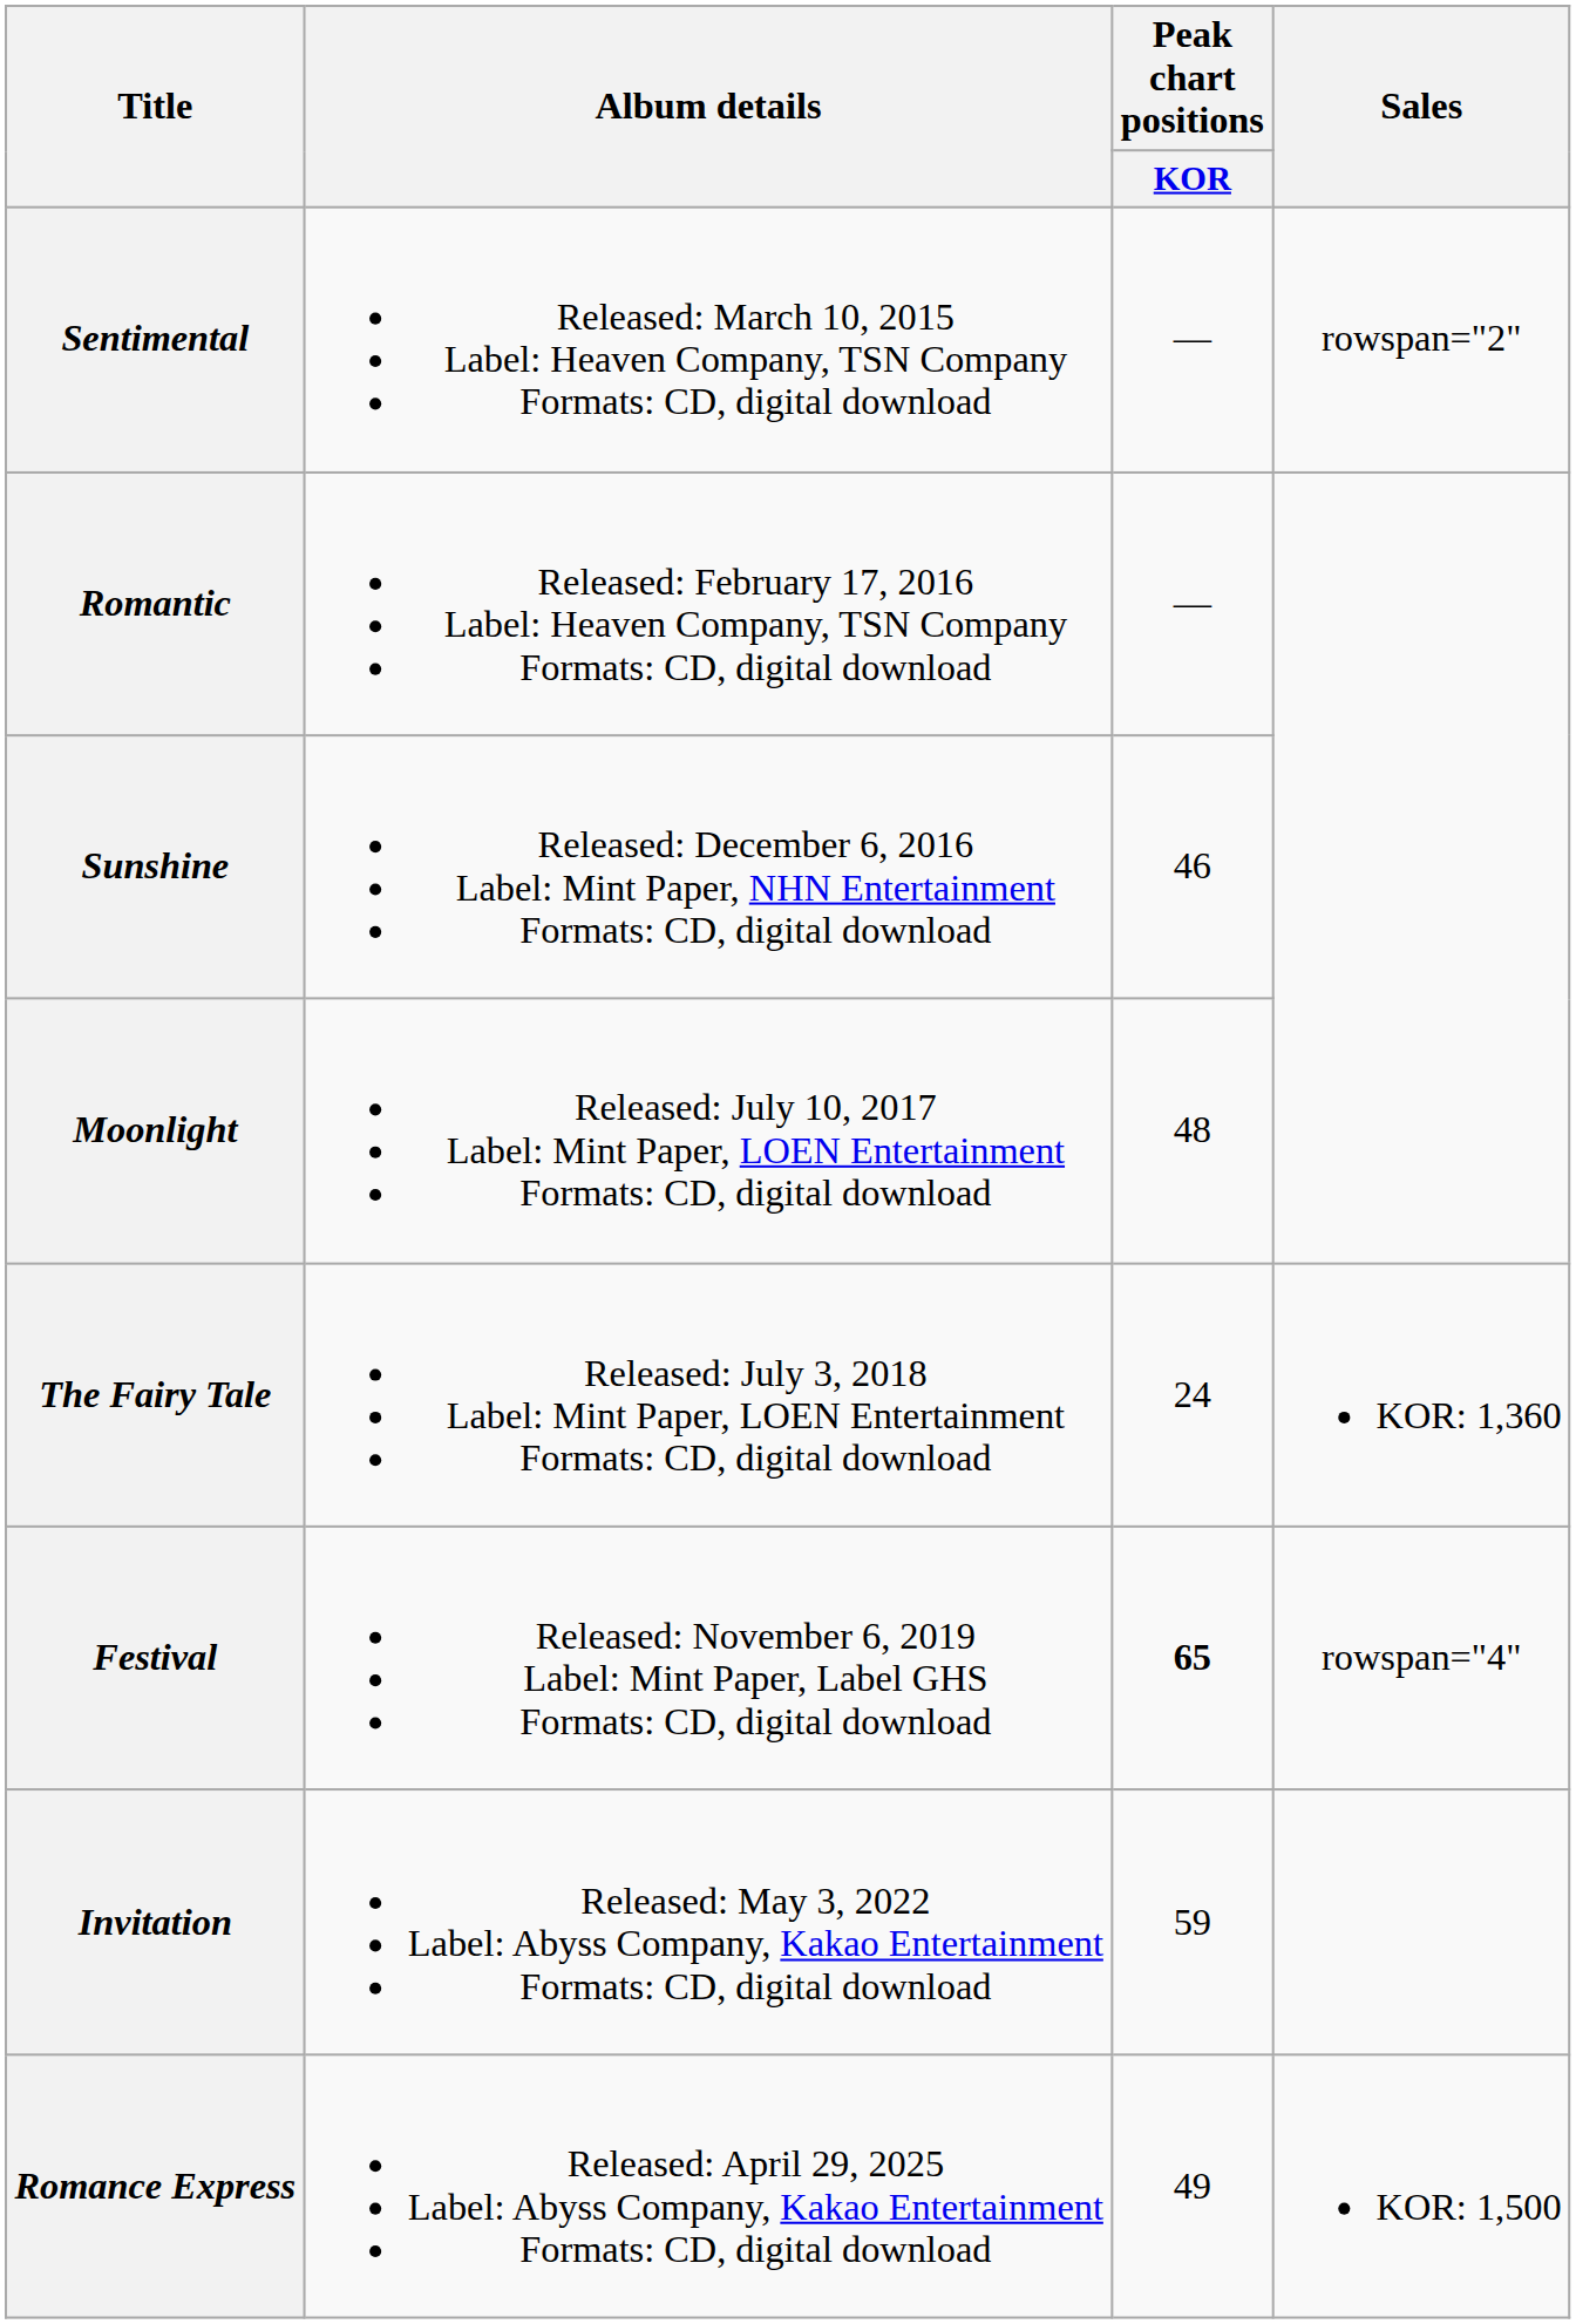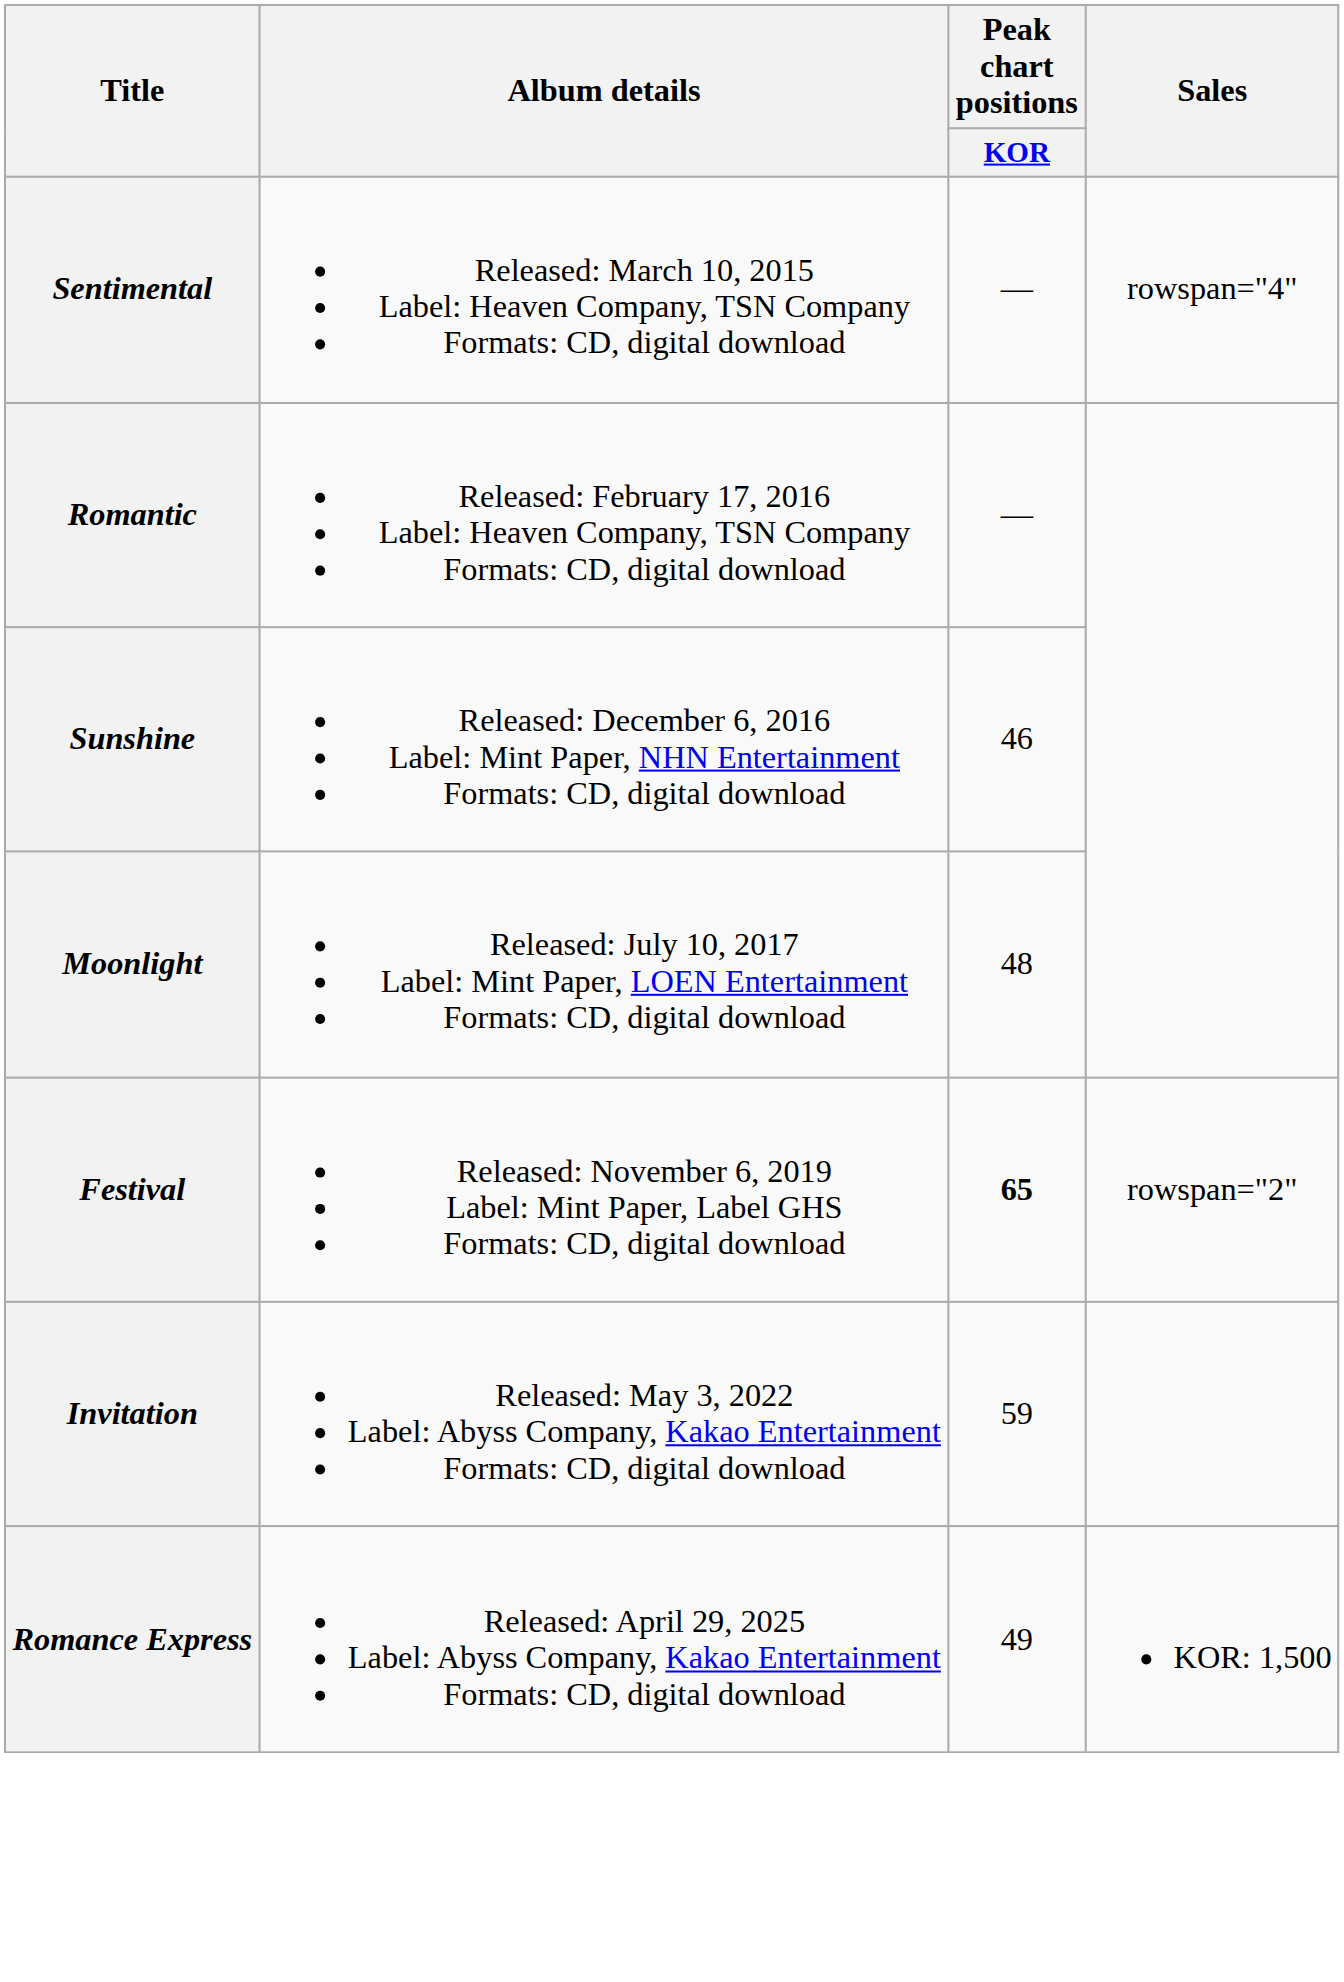 <table class="wikitable plainrowheaders" style="text-align:center;">
 <tr>
 <th scope="col" rowspan="2">Title</th>
 <th scope="col" rowspan="2">Album details</th>
 <th scope="col" colspan="1">Peak chart positions</th>
 <th scope="col" rowspan="2">Sales</th>
 </tr>
 <tr>
 <th scope="col" style="width:3.5em;font-size:90%;"><a href='#'>KOR</a><br></th>
 </tr>
 <tr>
 <th scope="row"><em>Sentimental</em></th>
 <td><br><ul><li>Released: March 10, 2015</li><li>Label: Heaven Company, TSN Company</li><li>Formats: CD, digital download</li></ul></td>
 <td>—</td>
-<td>rowspan="2" </td>
+<td>rowspan="4" </td>
 </tr>
 <tr>
 <th scope="row"><em>Romantic</em></th>
 <td><br><ul><li>Released: February 17, 2016</li><li>Label: Heaven Company, TSN Company</li><li>Formats: CD, digital download</li></ul></td>
 <td>—</td>
 </tr>
 <tr>
 <th scope="row"><em>Sunshine</em></th>
 <td><br><ul><li>Released: December 6, 2016</li><li>Label: Mint Paper, <a href='#'>NHN Entertainment</a></li><li>Formats: CD, digital download</li></ul></td>
 <td>46</td>
 </tr>
 <tr>
 <th scope="row"><em>Moonlight</em></th>
 <td><br><ul><li>Released: July 10, 2017</li><li>Label: Mint Paper, <a href='#'>LOEN Entertainment</a></li><li>Formats: CD, digital download</li></ul></td>
 <td>48</td>
 </tr>
 <tr>
-<th scope="row"><em>The Fairy Tale</em></th>
-<td><br><ul><li>Released: July 3, 2018</li><li>Label: Mint Paper, LOEN Entertainment</li><li>Formats: CD, digital download</li></ul></td>
-<td>24</td>
-<td><br><ul><li>KOR: 1,360</li></ul></td>
-</tr>
-<tr>
 <th scope="row"><em>Festival</em></th>
 <td><br><ul><li>Released: November 6, 2019</li><li>Label: Mint Paper, Label GHS</li><li>Formats: CD, digital download</li></ul></td>
 <td><strong>65</strong></td>
-<td>rowspan="4" </td>
+<td>rowspan="2" </td>
 </tr>
 <tr>
 <th scope="row"><em>Invitation</em></th>
 <td><br><ul><li>Released: May 3, 2022</li><li>Label: Abyss Company, <a href='#'>Kakao Entertainment</a></li><li>Formats: CD, digital download</li></ul></td>
 <td>59</td>
 </tr>
 <tr>
 <th scope="row"><em>Romance Express</em></th>
 <td><br><ul><li>Released: April 29, 2025</li><li>Label: Abyss Company, <a href='#'>Kakao Entertainment</a></li><li>Formats: CD, digital download</li></ul></td>
 <td>49</td>
 <td><br><ul><li>KOR: 1,500</li></ul></td>
 </tr>
 </table>
